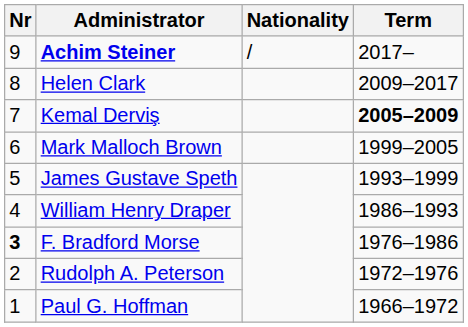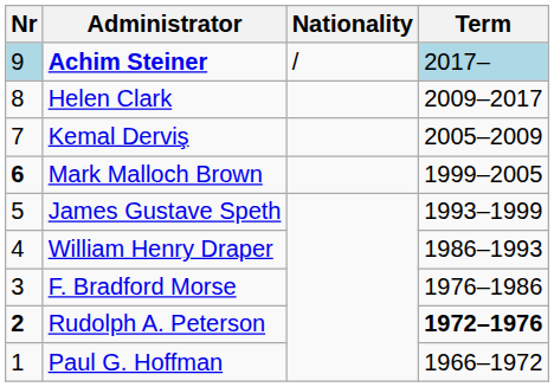 <table class="wikitable">
 <tr>
 <th>Nr</th>
 <th>Administrator</th>
 <th>Nationality</th>
 <th>Term</th>
 </tr>
 <tr>
-<td>9</td>
+<td style="background: lightblue;">9</td>
 <td><strong><a href='#'>Achim Steiner</a></strong></td>
 <td> / </td>
-<td>2017–</td>
+<td style="background: lightblue;">2017–</td>
 </tr>
 <tr>
 <td>8</td>
 <td><a href='#'>Helen Clark</a></td>
 <td></td>
 <td>2009–2017</td>
 </tr>
 <tr>
 <td>7</td>
 <td><a href='#'>Kemal Derviş</a></td>
 <td></td>
-<td><strong>2005–2009</strong></td>
+<td>2005–2009</td>
 </tr>
 <tr>
-<td>6</td>
+<td><strong>6</strong></td>
 <td><a href='#'>Mark Malloch Brown</a></td>
 <td></td>
 <td>1999–2005</td>
 </tr>
 <tr>
 <td>5</td>
 <td><a href='#'>James Gustave Speth</a></td>
 <td rowspan=5></td>
 <td>1993–1999</td>
 </tr>
 <tr>
 <td>4</td>
 <td><a href='#'>William Henry Draper</a></td>
 <td>1986–1993</td>
 </tr>
 <tr>
-<td><strong>3</strong></td>
+<td>3</td>
 <td><a href='#'>F. Bradford Morse</a></td>
 <td>1976–1986</td>
 </tr>
 <tr>
-<td>2</td>
+<td><strong>2</strong></td>
 <td><a href='#'>Rudolph A. Peterson</a></td>
-<td>1972–1976</td>
+<td><strong>1972–1976</strong></td>
 </tr>
 <tr>
 <td>1</td>
 <td><a href='#'>Paul G. Hoffman</a></td>
 <td>1966–1972</td>
 </tr>
 </table>
